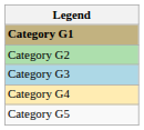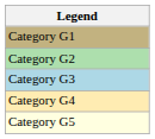 <table class="wikitable" style="font-size:85%;" width=12%>
 <tr>
 <th>Legend</th>
 </tr>
 <tr bgcolor=#C2B280>
-<td><strong>Category G1</strong></td>
+<td>Category G1</td>
 </tr>
 <tr bgcolor="#ADDFAD">
 <td>Category G2</td>
 </tr>
 <tr bgcolor="lightblue">
 <td>Category G3</td>
 </tr>
 <tr bgcolor=#ffecb2>
 <td>Category G4</td>
 </tr>
 <tr>
-<td>Category G5</td>
+<td style="background: lightyellow;">Category G5</td>
 </tr>
 </table>
